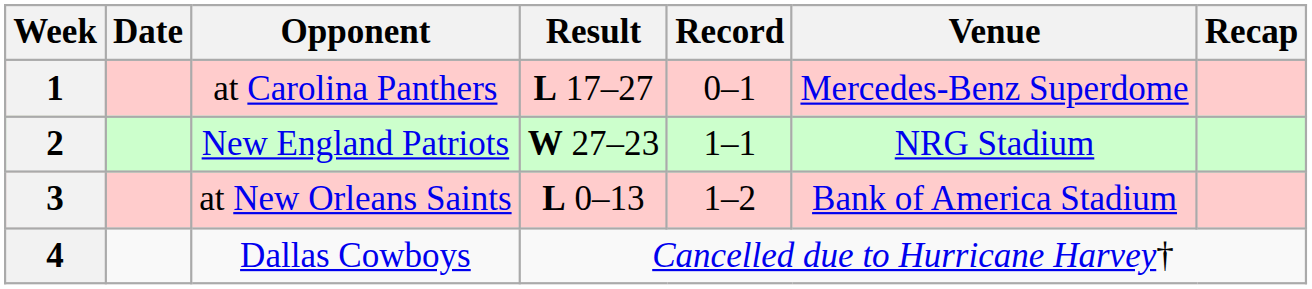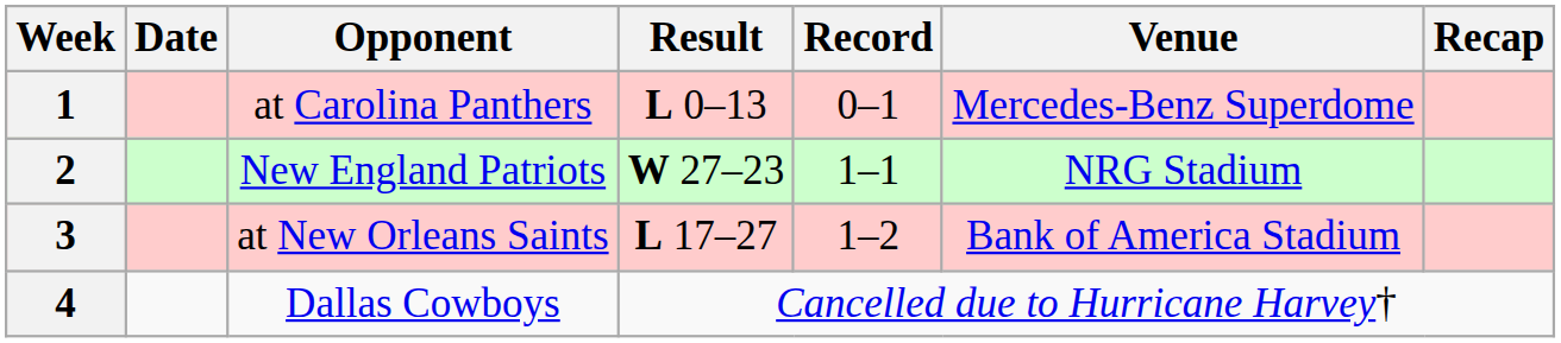 <table class="wikitable" style="text-align:center">
 <tr>
 <th>Week</th>
 <th>Date</th>
 <th>Opponent</th>
 <th>Result</th>
 <th>Record</th>
 <th>Venue</th>
 <th>Recap</th>
 </tr>
 <tr style="background:#fcc">
 <th>1</th>
 <td></td>
 <td>at <a href='#'>Carolina Panthers</a></td>
-<td><strong>L</strong> 17–27</td>
+<td><strong>L</strong> 0–13</td>
 <td>0–1</td>
 <td><a href='#'>Mercedes-Benz Superdome</a></td>
 <td></td>
 </tr>
 <tr style="background:#cfc">
 <th>2</th>
 <td></td>
 <td><a href='#'>New England Patriots</a></td>
 <td><strong>W</strong> 27–23</td>
 <td>1–1</td>
 <td><a href='#'>NRG Stadium</a></td>
 <td></td>
 </tr>
 <tr style="background:#fcc">
 <th>3</th>
 <td></td>
 <td>at <a href='#'>New Orleans Saints</a></td>
-<td><strong>L</strong> 0–13</td>
+<td><strong>L</strong> 17–27</td>
 <td>1–2</td>
 <td><a href='#'>Bank of America Stadium</a></td>
 <td></td>
 </tr>
 <tr>
 <th>4</th>
 <td></td>
 <td><a href='#'>Dallas Cowboys</a></td>
 <td colspan=4><em><a href='#'>Cancelled due to Hurricane Harvey</a></em>†</td>
 </tr>
 </table>
